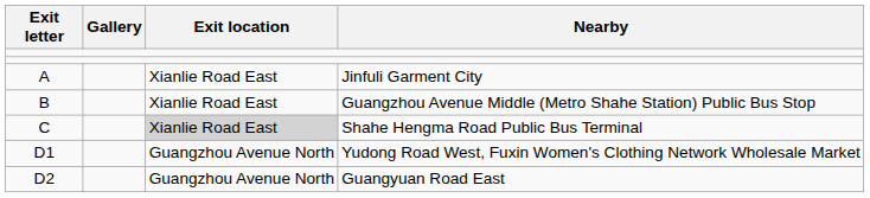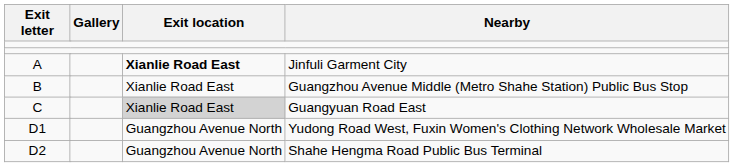 <table class="wikitable">
 <tr>
 <th style="width:70px" colspan="3">Exit letter</th>
 <th>Gallery</th>
 <th>Exit location</th>
 <th>Nearby</th>
 </tr>
 <tr style="background:#">
 <td colspan = "6"></td>
 </tr>
 <tr style="background:#">
 <td colspan = "6"></td>
 </tr>
 <tr>
 <td align="center" colspan="3">A</td>
 <td></td>
-<td>Xianlie Road East</td>
+<td><strong>Xianlie Road East</strong></td>
 <td>Jinfuli Garment City</td>
 </tr>
 <tr>
 <td align="center" colspan="3">B</td>
 <td></td>
 <td>Xianlie Road East</td>
 <td>Guangzhou Avenue Middle (Metro Shahe Station) Public Bus Stop</td>
 </tr>
 <tr>
 <td align="center" colspan="3">C</td>
 <td></td>
 <td style="background: lightgrey;">Xianlie Road East</td>
-<td>Shahe Hengma Road Public Bus Terminal</td>
+<td>Guangyuan Road East</td>
 </tr>
 <tr>
 <td align="center" colspan="3">D1</td>
 <td></td>
 <td>Guangzhou Avenue North</td>
 <td>Yudong Road West, Fuxin Women's Clothing Network Wholesale Market</td>
 </tr>
 <tr>
 <td align="center" colspan="3">D2</td>
 <td></td>
 <td>Guangzhou Avenue North</td>
-<td>Guangyuan Road East</td>
+<td>Shahe Hengma Road Public Bus Terminal</td>
 </tr>
 </table>
